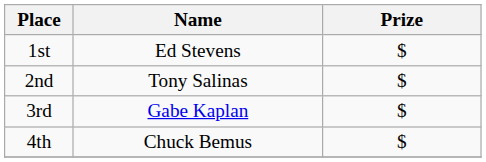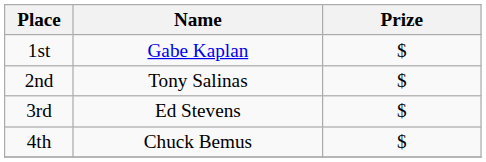 <table class="wikitable">
 <tr>
 <th width="50">Place</th>
 <th width="200">Name</th>
 <th width="125">Prize</th>
 </tr>
 <tr>
 <td align = "center">1st</td>
-<td align = "center">Ed Stevens</td>
+<td align = "center"><a href='#'>Gabe Kaplan</a></td>
 <td align = "center">$</td>
 </tr>
 <tr>
 <td align = "center">2nd</td>
 <td align = "center">Tony Salinas</td>
 <td align = "center">$</td>
 </tr>
 <tr>
 <td align = "center">3rd</td>
-<td align = "center"><a href='#'>Gabe Kaplan</a></td>
+<td align = "center">Ed Stevens</td>
 <td align = "center">$</td>
 </tr>
 <tr>
 <td align = "center">4th</td>
 <td align = "center">Chuck Bemus</td>
 <td align = "center">$</td>
 </tr>
 <tr>
 </tr>
 </table>
